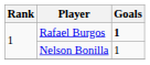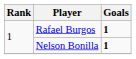 <table class="wikitable" border="1">
 <tr>
 <th>Rank</th>
 <th>Player</th>
 <th>Goals</th>
 </tr>
 <tr>
 <td rowspan=2>1</td>
 <td><a href='#'>Rafael Burgos</a></td>
 <td><strong>1</strong></td>
 </tr>
 <tr>
 <td><a href='#'>Nelson Bonilla</a></td>
-<td>1</td>
+<td><strong>1</strong></td>
 </tr>
 <tr>
 </tr>
 </table>
